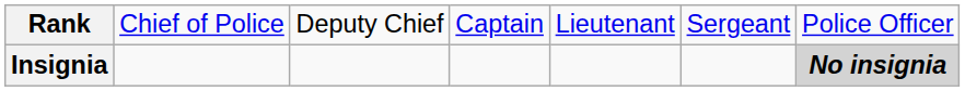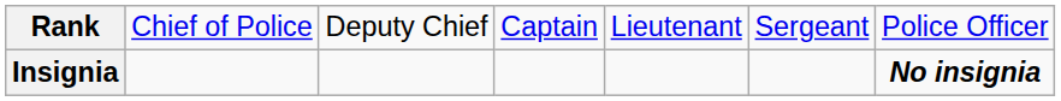 <table class="wikitable">
 <tr style="text-align:center;">
 <th>Rank</th>
 <td><a href='#'>Chief of Police</a></td>
 <td>Deputy Chief</td>
 <td><a href='#'>Captain</a></td>
 <td><a href='#'>Lieutenant</a></td>
 <td><a href='#'>Sergeant</a></td>
 <td><a href='#'>Police Officer</a></td>
 </tr>
 <tr style="text-align:center;">
 <th>Insignia</th>
 <td></td>
 <td></td>
 <td></td>
 <td></td>
 <td></td>
-<td style="background: lightgrey;"><strong><em>No insignia</em></strong></td>
+<td><strong><em>No insignia</em></strong></td>
 </tr>
 </table>
